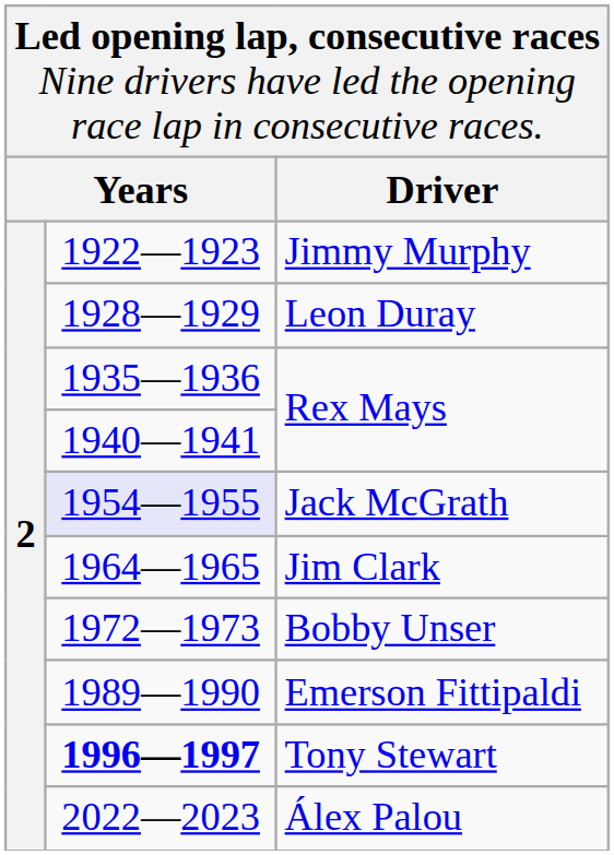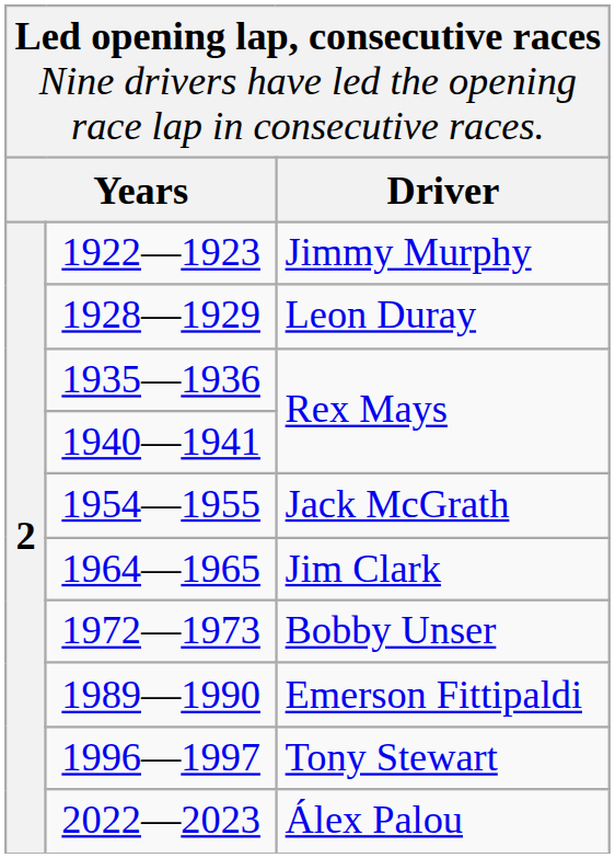 <table class="wikitable">
 <tr>
 <td style="background:#F2F2F2; text-align: center;" colspan="3"><strong>Led opening lap, consecutive races</strong><br><em>Nine drivers have led the opening<br>race lap in consecutive races.</em></td>
 </tr>
 <tr>
 <td style="background:#F2F2F2; text-align: center;" colspan="2"><strong>Years</strong></td>
 <td style="background:#F2F2F2; text-align: center;"><strong>Driver</strong></td>
 </tr>
 <tr>
 <td style="background:#F2F2F2; text-align: center;" rowspan="10"><strong>2</strong></td>
 <td style="text-align: center;"><a href='#'>1922</a>—<a href='#'>1923</a></td>
 <td> <a href='#'>Jimmy Murphy</a></td>
 </tr>
 <tr>
 <td style="text-align: center;"><a href='#'>1928</a>—<a href='#'>1929</a></td>
 <td> <a href='#'>Leon Duray</a></td>
 </tr>
 <tr>
 <td style="text-align: center;"><a href='#'>1935</a>—<a href='#'>1936</a></td>
 <td rowspan="2"> <a href='#'>Rex Mays</a></td>
 </tr>
 <tr>
 <td style="text-align: center;"><a href='#'>1940</a>—<a href='#'>1941</a></td>
 </tr>
 <tr>
-<td style="background: lavender; text-align: center;"><a href='#'>1954</a>—<a href='#'>1955</a></td>
+<td style="text-align: center;"><a href='#'>1954</a>—<a href='#'>1955</a></td>
 <td> <a href='#'>Jack McGrath</a></td>
 </tr>
 <tr>
 <td style="text-align: center;"><a href='#'>1964</a>—<a href='#'>1965</a></td>
 <td> <a href='#'>Jim Clark</a></td>
 </tr>
 <tr>
 <td style="text-align: center;"><a href='#'>1972</a>—<a href='#'>1973</a></td>
 <td> <a href='#'>Bobby Unser</a></td>
 </tr>
 <tr>
 <td style="text-align: center;"><a href='#'>1989</a>—<a href='#'>1990</a></td>
 <td> <a href='#'>Emerson Fittipaldi</a></td>
 </tr>
 <tr>
-<td style="text-align: center;"><strong><a href='#'>1996</a>—<a href='#'>1997</a></strong></td>
+<td style="text-align: center;"><a href='#'>1996</a>—<a href='#'>1997</a></td>
 <td> <a href='#'>Tony Stewart</a></td>
 </tr>
 <tr>
 <td style="text-align: center;"><a href='#'>2022</a>—<a href='#'>2023</a></td>
 <td> <a href='#'>Álex Palou</a></td>
 </tr>
 </table>
